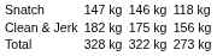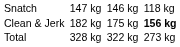 <table>
 <tr>
 <td>Snatch</td>
 <td></td>
 <td>147 kg</td>
 <td></td>
 <td>146 kg</td>
 <td></td>
 <td>118 kg</td>
 </tr>
 <tr>
 <td>Clean & Jerk</td>
 <td></td>
 <td>182 kg</td>
 <td></td>
 <td>175 kg</td>
 <td></td>
-<td>156 kg</td>
+<td><strong>156 kg</strong></td>
 </tr>
 <tr>
 <td>Total</td>
 <td></td>
 <td>328 kg</td>
 <td></td>
 <td>322 kg</td>
 <td></td>
 <td>273 kg</td>
 </tr>
 </table>
